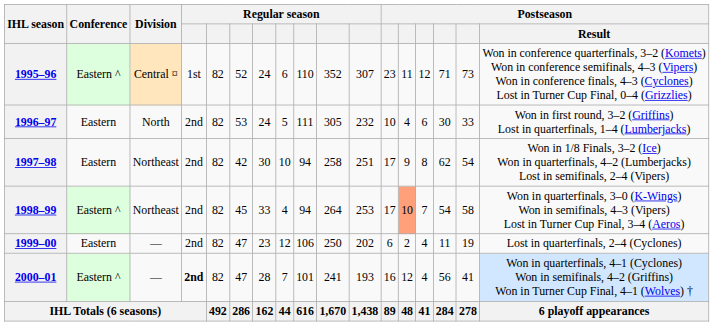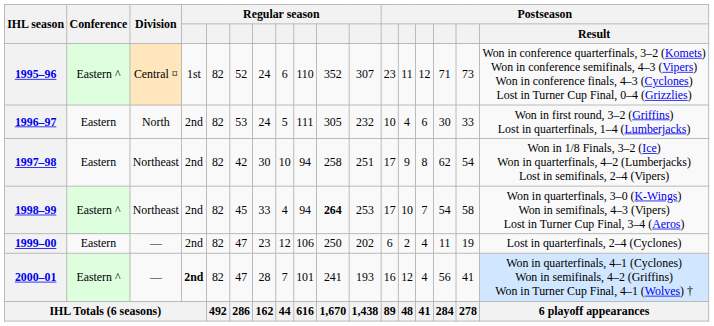 <table class="wikitable" style="text-align: center; font-size: 95%">
 <tr>
 <th rowspan="2">IHL season</th>
 <th rowspan="2">Conference</th>
 <th rowspan="2">Division</th>
 <th colspan="8">Regular season</th>
 <th colspan="6">Postseason</th>
 </tr>
 <tr>
 <th></th>
 <th></th>
 <th></th>
 <th></th>
 <th></th>
 <th></th>
 <th></th>
 <th></th>
 <th></th>
 <th></th>
 <th></th>
 <th></th>
 <th></th>
 <th>Result</th>
 </tr>
 <tr>
 <th><a href='#'>1995–96</a></th>
 <td style="background: #ddffdd;">Eastern ^</td>
 <td style="background: #FFE6BD;">Central ¤</td>
 <td>1st</td>
 <td>82</td>
 <td>52</td>
 <td>24</td>
 <td>6</td>
 <td>110</td>
 <td>352</td>
 <td>307</td>
 <td>23</td>
 <td>11</td>
 <td>12</td>
 <td>71</td>
 <td>73</td>
 <td>Won in conference quarterfinals, 3–2 (<a href='#'>Komets</a>)<br>Won in conference semifinals, 4–3 (<a href='#'>Vipers</a>)<br>Won in conference finals, 4–3 (<a href='#'>Cyclones</a>)<br>Lost in Turner Cup Final, 0–4 (<a href='#'>Grizzlies</a>)</td>
 </tr>
 <tr>
 <th><a href='#'>1996–97</a></th>
 <td>Eastern</td>
 <td>North</td>
 <td>2nd</td>
 <td>82</td>
 <td>53</td>
 <td>24</td>
 <td>5</td>
 <td>111</td>
 <td>305</td>
 <td>232</td>
 <td>10</td>
 <td>4</td>
 <td>6</td>
 <td>30</td>
 <td>33</td>
 <td>Won in first round, 3–2 (<a href='#'>Griffins</a>)<br>Lost in quarterfinals, 1–4 (<a href='#'>Lumberjacks</a>)</td>
 </tr>
 <tr>
 <th><a href='#'>1997–98</a></th>
 <td>Eastern</td>
 <td>Northeast</td>
 <td>2nd</td>
 <td>82</td>
 <td>42</td>
 <td>30</td>
 <td>10</td>
 <td>94</td>
 <td>258</td>
 <td>251</td>
 <td>17</td>
 <td>9</td>
 <td>8</td>
 <td>62</td>
 <td>54</td>
 <td>Won in 1/8 Finals, 3–2 (<a href='#'>Ice</a>)<br>Won in quarterfinals, 4–2 (Lumberjacks)<br>Lost in semifinals, 2–4 (Vipers)</td>
 </tr>
 <tr>
 <th><a href='#'>1998–99</a></th>
 <td style="background: #ddffdd;">Eastern ^</td>
 <td>Northeast</td>
 <td>2nd</td>
 <td>82</td>
 <td>45</td>
 <td>33</td>
 <td>4</td>
 <td>94</td>
-<td>264</td>
+<td><strong>264</strong></td>
 <td>253</td>
 <td>17</td>
-<td style="background: lightsalmon;">10</td>
+<td>10</td>
 <td>7</td>
 <td>54</td>
 <td>58</td>
 <td>Won in quarterfinals, 3–0 (<a href='#'>K-Wings</a>)<br>Won in semifinals, 4–3 (Vipers)<br>Lost in Turner Cup Final, 3–4 (<a href='#'>Aeros</a>)</td>
 </tr>
 <tr>
 <th><a href='#'>1999–00</a></th>
 <td>Eastern</td>
 <td>—</td>
 <td>2nd</td>
 <td>82</td>
 <td>47</td>
 <td>23</td>
 <td>12</td>
 <td>106</td>
 <td>250</td>
 <td>202</td>
 <td>6</td>
 <td>2</td>
 <td>4</td>
 <td>11</td>
 <td>19</td>
 <td>Lost in quarterfinals, 2–4 (Cyclones)</td>
 </tr>
 <tr>
 <th><a href='#'>2000–01</a></th>
 <td style="background: #ddffdd;">Eastern ^</td>
 <td>—</td>
 <td><strong>2nd</strong></td>
 <td>82</td>
 <td>47</td>
 <td>28</td>
 <td>7</td>
 <td>101</td>
 <td>241</td>
 <td>193</td>
 <td>16</td>
 <td>12</td>
 <td>4</td>
 <td>56</td>
 <td>41</td>
 <td style="background: #D0E7FF;">Won in quarterfinals, 4–1 (Cyclones)<br>Won in semifinals, 4–2 (Griffins)<br>Won in Turner Cup Final, 4–1 (<a href='#'>Wolves</a>) †</td>
 </tr>
 <tr style="font-weight:bold;">
 <th colspan="4">IHL Totals (6 seasons)</th>
 <th>492</th>
 <th>286</th>
 <th>162</th>
 <th>44</th>
 <th>616</th>
 <th>1,670</th>
 <th>1,438</th>
 <th>89</th>
 <th>48</th>
 <th>41</th>
 <th>284</th>
 <th>278</th>
 <th>6 playoff appearances</th>
 </tr>
 </table>
